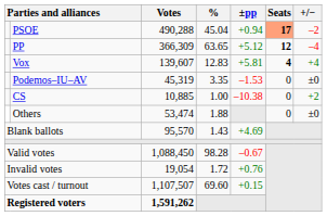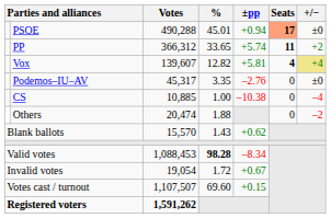 <table class="wikitable" style="text-align:right;">
 <tr>
 <th style="text-align:left;" colspan="2" width="200">Parties and alliances</th>
 <th width="75">Votes</th>
 <th width="45">%</th>
 <th width="45">±<a href='#'>pp</a></th>
 <th width="35">Seats</th>
 <th width="35">+/−</th>
 </tr>
 <tr>
 <td width="1" style="color:inherit;background:"></td>
 <td align="left"><a href='#'>PSOE</a></td>
 <td>490,288</td>
-<td>45.04</td>
+<td>45.01</td>
 <td style="color:green;">+0.94</td>
 <td style="background: lightsalmon;"><strong>17</strong></td>
-<td style="color:red;">–2</td>
+<td>±0</td>
 </tr>
 <tr>
 <td style="color:inherit;background:"></td>
 <td align="left"><a href='#'>PP</a></td>
-<td>366,309</td>
-<td>63.65</td>
-<td style="color:green;">+5.12</td>
-<td><strong>12</strong></td>
-<td style="color:red;">–4</td>
+<td>366,312</td>
+<td>33.65</td>
+<td style="color:green;">+5.74</td>
+<td><strong>11</strong></td>
+<td style="color:green;">+2</td>
 </tr>
 <tr>
 <td style="color:inherit;background:"></td>
 <td align="left"><a href='#'>Vox</a></td>
 <td>139,607</td>
-<td>12.83</td>
+<td>12.82</td>
 <td style="color:green;">+5.81</td>
 <td><strong>4</strong></td>
-<td style="color:green;">+4</td>
+<td style="background: khaki; color:green;">+4</td>
 </tr>
 <tr>
 <td style="color:inherit;background:"></td>
 <td align="left"><a href='#'>Podemos–IU–AV</a></td>
-<td>45,319</td>
+<td>45,317</td>
 <td>3.35</td>
-<td style="color:red;">–1.53</td>
+<td style="color:red;">–2.76</td>
 <td>0</td>
 <td>±0</td>
 </tr>
 <tr>
 <td style="color:inherit;background:"></td>
 <td align="left"><a href='#'>CS</a></td>
 <td>10,885</td>
 <td>1.00</td>
 <td style="color:red;">–10.38</td>
 <td>0</td>
-<td style="color:green;">+2</td>
+<td style="color:red;">–4</td>
 </tr>
 <tr>
 <td bgcolor="white"></td>
 <td align="left">Others</td>
-<td>53,474</td>
+<td>20,474</td>
 <td>1.88</td>
 <td bgcolor="#E9E9E9"></td>
 <td>0</td>
-<td>±0</td>
+<td style="color:red;">–2</td>
 </tr>
 <tr>
 <td align="left" colspan="2">Blank ballots</td>
-<td>95,570</td>
+<td>15,570</td>
 <td>1.43</td>
-<td style="color:green;">+4.69</td>
+<td style="color:green;">+0.62</td>
 <td bgcolor="#E9E9E9" colspan="2"></td>
 </tr>
 <tr>
 <td colspan="7" bgcolor="#E9E9E9"></td>
 </tr>
 <tr>
 <td align="left" colspan="2">Valid votes</td>
-<td>1,088,450</td>
-<td>98.28</td>
-<td style="color:red;">–0.67</td>
+<td>1,088,453</td>
+<td><strong>98.28</strong></td>
+<td style="color:red;">–8.34</td>
 <td bgcolor="#E9E9E9" colspan="2" rowspan="4"></td>
 </tr>
 <tr>
 <td align="left" colspan="2">Invalid votes</td>
 <td>19,054</td>
 <td>1.72</td>
-<td style="color:green;">+0.76</td>
+<td style="color:green;">+0.67</td>
 </tr>
 <tr>
 <td align="left" colspan="2">Votes cast / turnout</td>
 <td>1,107,507</td>
 <td>69.60</td>
 <td style="color:green;">+0.15</td>
 </tr>
 <tr style="font-weight:bold;">
 <td align="left" colspan="2">Registered voters</td>
 <td>1,591,262</td>
 <td bgcolor="#E9E9E9" colspan="2"></td>
 </tr>
 </table>
